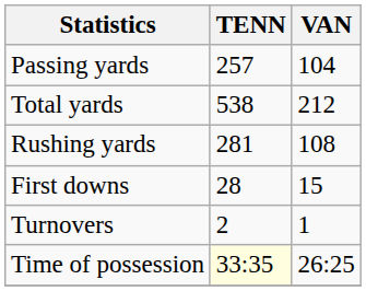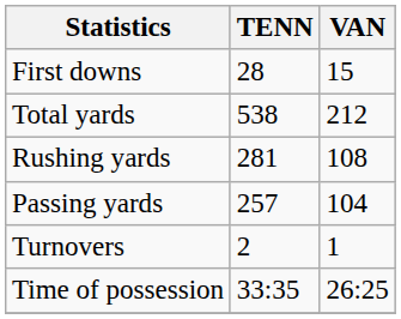 <table class="wikitable" style="float: left;">
 <tr>
 <th>Statistics</th>
 <th>TENN</th>
 <th>VAN</th>
 </tr>
 <tr>
-<td>Passing yards</td>
-<td>257</td>
-<td>104</td>
+<td>First downs</td>
+<td>28</td>
+<td>15</td>
 </tr>
 <tr>
 <td>Total yards</td>
 <td>538</td>
 <td>212</td>
 </tr>
 <tr>
 <td>Rushing yards</td>
 <td>281</td>
 <td>108</td>
 </tr>
 <tr>
-<td>First downs</td>
-<td>28</td>
-<td>15</td>
+<td>Passing yards</td>
+<td>257</td>
+<td>104</td>
 </tr>
 <tr>
 <td>Turnovers</td>
 <td>2</td>
 <td>1</td>
 </tr>
 <tr>
 <td>Time of possession</td>
-<td style="background: lightyellow;">33:35</td>
+<td>33:35</td>
 <td>26:25</td>
 </tr>
 <tr>
 </tr>
 </table>
